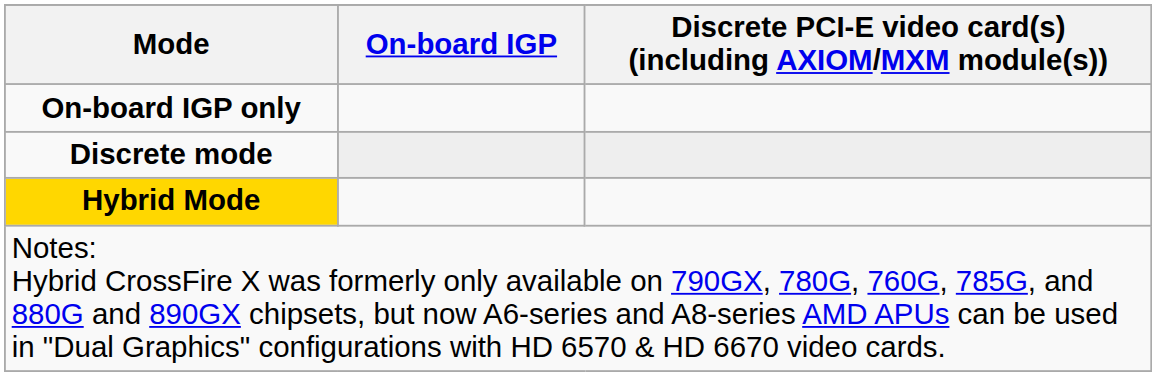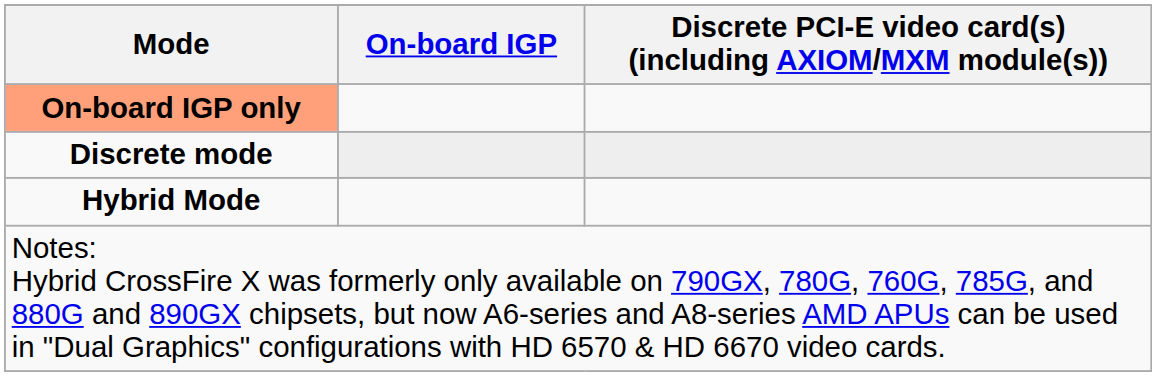 <table class="wikitable" style="margin:1em auto; text-align:center; width:auto;">
 <tr>
 </tr>
 <tr>
 <th>Mode</th>
 <th><a href='#'>On-board IGP</a></th>
 <th>Discrete PCI-E video card(s)<br>(including <a href='#'>AXIOM</a>/<a href='#'>MXM</a> module(s))</th>
 </tr>
 <tr>
-<td><strong>On-board IGP only</strong></td>
+<td style="background: lightsalmon;"><strong>On-board IGP only</strong></td>
 <td></td>
 <td></td>
 </tr>
 <tr style="background:#eee;">
 <td style="background:#f9f9f9;"><strong>Discrete mode</strong></td>
 <td></td>
 <td></td>
 </tr>
 <tr>
-<td style="background: gold;"><strong>Hybrid Mode</strong></td>
+<td><strong>Hybrid Mode</strong></td>
 <td></td>
 <td></td>
 </tr>
 <tr>
 <td colspan="4" style="text-align: left;">Notes:<br>Hybrid CrossFire X was formerly only available on <a href='#'>790GX</a>, <a href='#'>780G</a>, <a href='#'>760G</a>, <a href='#'>785G</a>, and <a href='#'>880G</a> and <a href='#'>890GX</a> chipsets, but now A6-series and A8-series <a href='#'>AMD APUs</a> can be used in "Dual Graphics" configurations with HD 6570 & HD 6670 video cards.</td>
 </tr>
 </table>
